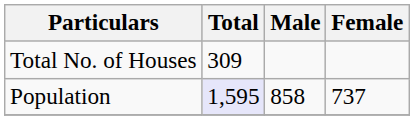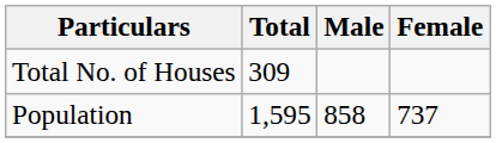 <table class="wikitable sortable">
 <tr>
 <th>Particulars</th>
 <th>Total</th>
 <th>Male</th>
 <th>Female</th>
 </tr>
 <tr>
 <td>Total No. of Houses</td>
 <td>309</td>
 <td></td>
 <td></td>
 </tr>
 <tr>
 <td>Population</td>
-<td style="background: lavender;">1,595</td>
+<td>1,595</td>
 <td>858</td>
 <td>737</td>
 </tr>
 <tr>
 </tr>
 </table>
